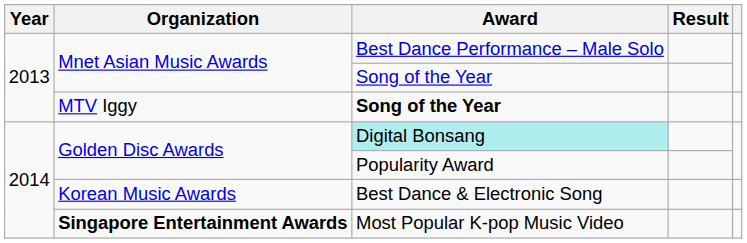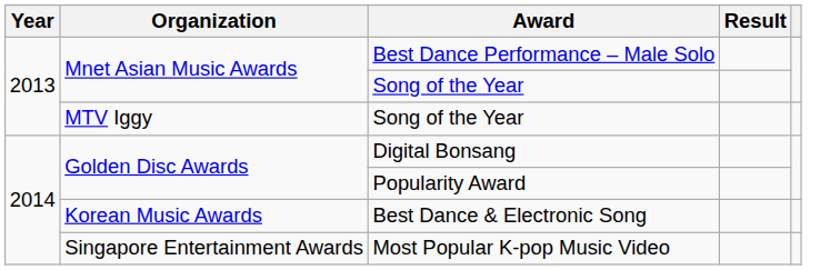 <table class="wikitable plainrowheaders">
 <tr>
 <th scope="col">Year</th>
 <th scope="col">Organization</th>
 <th scope="col">Award</th>
 <th scope="col">Result</th>
 <th scope="col" class="unsortable"></th>
 </tr>
 <tr>
 <td rowspan="3">2013</td>
 <td rowspan="2"><a href='#'>Mnet Asian Music Awards</a></td>
 <td><a href='#'>Best Dance Performance – Male Solo</a></td>
 <td></td>
 <td style="text-align:center;" rowspan="2"></td>
 </tr>
 <tr>
 <td><a href='#'>Song of the Year</a></td>
 <td></td>
 </tr>
 <tr>
 <td><a href='#'>MTV</a> Iggy</td>
-<td><strong>Song of the Year</strong></td>
+<td>Song of the Year</td>
 <td></td>
 <td style="text-align:center;"></td>
 </tr>
 <tr>
 <td rowspan="4">2014</td>
 <td rowspan="2"><a href='#'>Golden Disc Awards</a></td>
-<td style="background: paleturquoise;">Digital Bonsang</td>
+<td>Digital Bonsang</td>
 <td></td>
 <td style="text-align:center;" rowspan="2"></td>
 </tr>
 <tr>
 <td>Popularity Award</td>
 <td></td>
 </tr>
 <tr>
 <td><a href='#'>Korean Music Awards</a></td>
 <td>Best Dance & Electronic Song</td>
 <td></td>
 <td style="text-align:center;"></td>
 </tr>
 <tr>
-<td><strong>Singapore Entertainment Awards</strong></td>
+<td>Singapore Entertainment Awards</td>
 <td>Most Popular K-pop Music Video</td>
 <td></td>
 <td style="text-align:center;"></td>
 </tr>
 </table>
